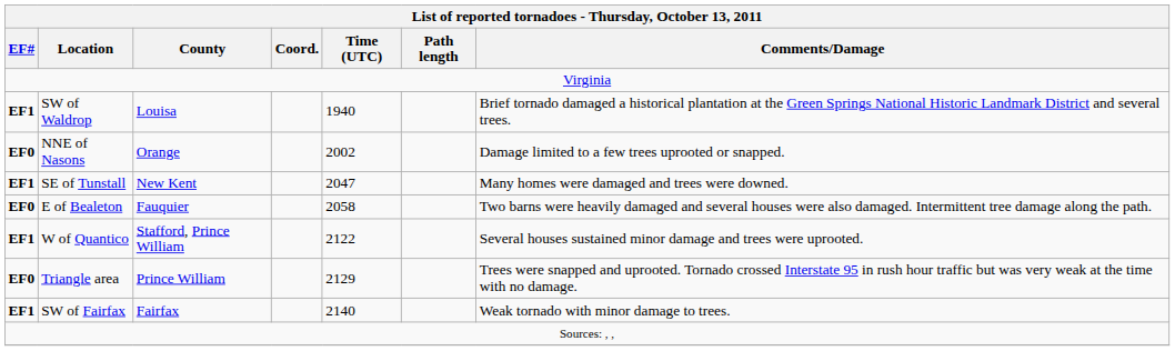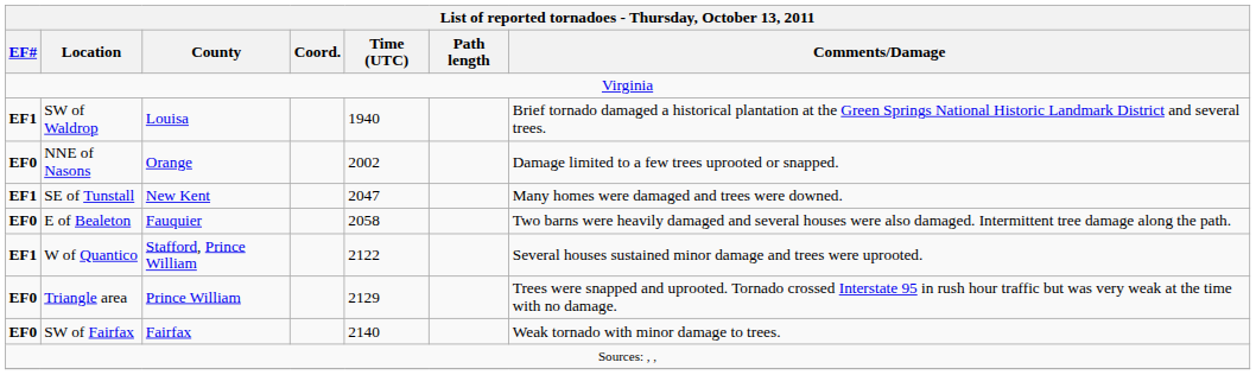 <table class="wikitable collapsible" width="100%">
 <tr>
 <th colspan="7">List of reported tornadoes - Thursday, October 13, 2011</th>
 </tr>
 <tr>
 <th><a href='#'>EF#</a></th>
 <th>Location</th>
 <th>County</th>
 <th>Coord.</th>
 <th>Time (UTC)</th>
 <th>Path length</th>
 <th>Comments/Damage</th>
 </tr>
 <tr>
 <td colspan="7" align=center><a href='#'>Virginia</a></td>
 </tr>
 <tr>
 <td><strong>EF1</strong></td>
 <td>SW of <a href='#'>Waldrop</a></td>
 <td><a href='#'>Louisa</a></td>
 <td></td>
 <td>1940</td>
 <td></td>
 <td>Brief tornado damaged a historical plantation at the <a href='#'>Green Springs National Historic Landmark District</a> and several trees.</td>
 </tr>
 <tr>
 <td><strong>EF0</strong></td>
 <td>NNE of <a href='#'>Nasons</a></td>
 <td><a href='#'>Orange</a></td>
 <td></td>
 <td>2002</td>
 <td></td>
 <td>Damage limited to a few trees uprooted or snapped.</td>
 </tr>
 <tr>
 <td><strong>EF1</strong></td>
 <td>SE of <a href='#'>Tunstall</a></td>
 <td><a href='#'>New Kent</a></td>
 <td></td>
 <td>2047</td>
 <td></td>
 <td>Many homes were damaged and trees were downed.</td>
 </tr>
 <tr>
 <td><strong>EF0</strong></td>
 <td>E of <a href='#'>Bealeton</a></td>
 <td><a href='#'>Fauquier</a></td>
 <td></td>
 <td>2058</td>
 <td></td>
 <td>Two barns were heavily damaged and several houses were also damaged. Intermittent tree damage along the path.</td>
 </tr>
 <tr>
 <td><strong>EF1</strong></td>
 <td>W of <a href='#'>Quantico</a></td>
 <td><a href='#'>Stafford</a>, <a href='#'>Prince William</a></td>
 <td></td>
 <td>2122</td>
 <td></td>
 <td>Several houses sustained minor damage and trees were uprooted.</td>
 </tr>
 <tr>
 <td><strong>EF0</strong></td>
 <td><a href='#'>Triangle</a> area</td>
 <td><a href='#'>Prince William</a></td>
 <td></td>
 <td>2129</td>
 <td></td>
 <td>Trees were snapped and uprooted. Tornado crossed <a href='#'>Interstate 95</a> in rush hour traffic but was very weak at the time with no damage.</td>
 </tr>
 <tr>
-<td><strong>EF1</strong></td>
+<td><strong>EF0</strong></td>
 <td>SW of <a href='#'>Fairfax</a></td>
 <td><a href='#'>Fairfax</a></td>
 <td></td>
 <td>2140</td>
 <td></td>
 <td>Weak tornado with minor damage to trees.</td>
 </tr>
 <tr>
 <td colspan="7" align=center><small>Sources: , , </small></td>
 </tr>
 <tr>
 </tr>
 </table>
